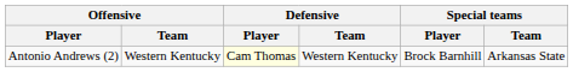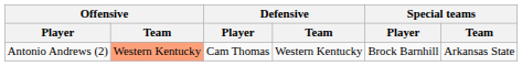 <table class="wikitable">
 <tr>
 <th colspan="2">Offensive</th>
 <th colspan="2">Defensive</th>
 <th colspan="2">Special teams</th>
 </tr>
 <tr>
 <th>Player</th>
 <th>Team</th>
 <th>Player</th>
 <th>Team</th>
 <th>Player</th>
 <th>Team</th>
 </tr>
 <tr>
 <td>Antonio Andrews (2)</td>
-<td>Western Kentucky</td>
-<td style="background: lightyellow;">Cam Thomas</td>
+<td style="background: lightsalmon;">Western Kentucky</td>
+<td>Cam Thomas</td>
 <td>Western Kentucky</td>
 <td>Brock Barnhill</td>
 <td>Arkansas State</td>
 </tr>
 </table>
